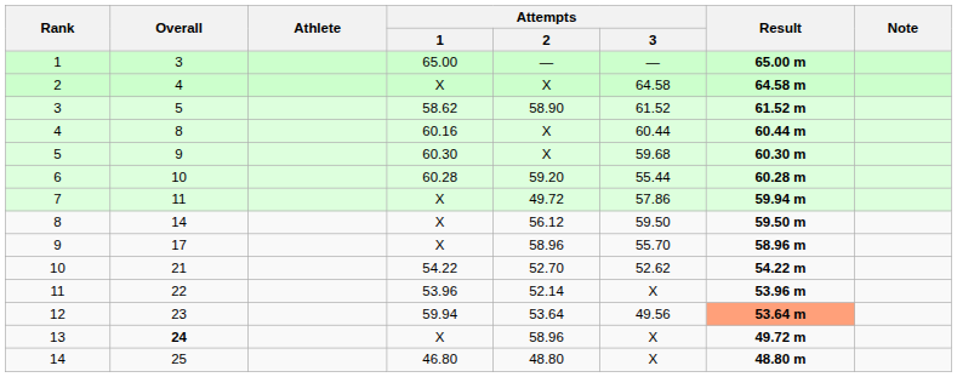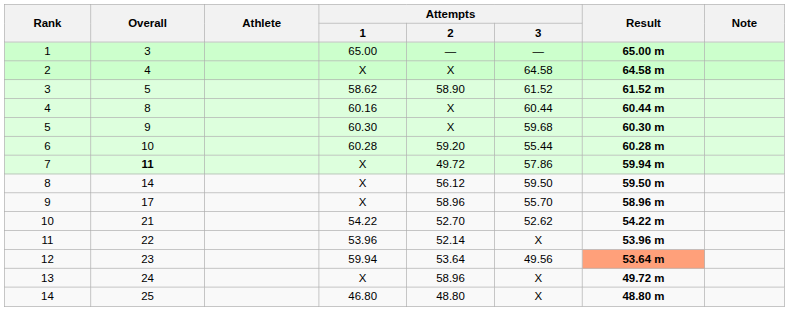 <table class="wikitable" style=" text-align:center; font-size:110%;" width="95%">
 <tr>
 <th rowspan="2">Rank</th>
 <th rowspan="2">Overall</th>
 <th rowspan="2">Athlete</th>
 <th colspan="3">Attempts</th>
 <th rowspan="2">Result</th>
 <th rowspan="2">Note</th>
 </tr>
 <tr>
 <th>1</th>
 <th>2</th>
 <th>3</th>
 </tr>
 <tr style="background:#ccffcc;">
 <td>1</td>
 <td>3</td>
 <td align=left></td>
 <td>65.00</td>
 <td>—</td>
 <td>—</td>
 <td><strong>65.00 m</strong></td>
 <td></td>
 </tr>
 <tr style="background:#ccffcc;">
 <td>2</td>
 <td>4</td>
 <td align=left></td>
 <td>X</td>
 <td>X</td>
 <td>64.58</td>
 <td><strong>64.58 m</strong></td>
 <td></td>
 </tr>
 <tr bgcolor="#ddffdd">
 <td>3</td>
 <td>5</td>
 <td align=left></td>
 <td>58.62</td>
 <td>58.90</td>
 <td>61.52</td>
 <td><strong>61.52 m</strong></td>
 <td></td>
 </tr>
 <tr bgcolor="#ddffdd">
 <td>4</td>
 <td>8</td>
 <td align=left></td>
 <td>60.16</td>
 <td>X</td>
 <td>60.44</td>
 <td><strong>60.44 m</strong></td>
 <td></td>
 </tr>
 <tr bgcolor="#ddffdd">
 <td>5</td>
 <td>9</td>
 <td align=left></td>
 <td>60.30</td>
 <td>X</td>
 <td>59.68</td>
 <td><strong>60.30 m</strong></td>
 <td></td>
 </tr>
 <tr bgcolor="#ddffdd">
 <td>6</td>
 <td>10</td>
 <td align=left></td>
 <td>60.28</td>
 <td>59.20</td>
 <td>55.44</td>
 <td><strong>60.28 m</strong></td>
 <td></td>
 </tr>
 <tr bgcolor="#ddffdd">
 <td>7</td>
-<td>11</td>
+<td><strong>11</strong></td>
 <td align=left></td>
 <td>X</td>
 <td>49.72</td>
 <td>57.86</td>
 <td><strong>59.94 m</strong></td>
 <td></td>
 </tr>
 <tr>
 <td>8</td>
 <td>14</td>
 <td align=left></td>
 <td>X</td>
 <td>56.12</td>
 <td>59.50</td>
 <td><strong>59.50 m</strong></td>
 <td></td>
 </tr>
 <tr>
 <td>9</td>
 <td>17</td>
 <td align=left></td>
 <td>X</td>
 <td>58.96</td>
 <td>55.70</td>
 <td><strong>58.96 m </strong></td>
 <td></td>
 </tr>
 <tr>
 <td>10</td>
 <td>21</td>
 <td align=left></td>
 <td>54.22</td>
 <td>52.70</td>
 <td>52.62</td>
 <td><strong>54.22 m</strong></td>
 <td></td>
 </tr>
 <tr>
 <td>11</td>
 <td>22</td>
 <td align=left></td>
 <td>53.96</td>
 <td>52.14</td>
 <td>X</td>
 <td><strong>53.96 m</strong></td>
 <td></td>
 </tr>
 <tr>
 <td>12</td>
 <td>23</td>
 <td align=left></td>
 <td>59.94</td>
 <td>53.64</td>
 <td>49.56</td>
 <td style="background: lightsalmon;"><strong>53.64 m</strong></td>
 <td></td>
 </tr>
 <tr>
 <td>13</td>
-<td><strong>24</strong></td>
+<td>24</td>
 <td align=left></td>
 <td>X</td>
 <td>58.96</td>
 <td>X</td>
 <td><strong>49.72 m</strong></td>
 <td></td>
 </tr>
 <tr>
 <td>14</td>
 <td>25</td>
 <td align=left></td>
 <td>46.80</td>
 <td>48.80</td>
 <td>X</td>
 <td><strong>48.80 m</strong></td>
 <td></td>
 </tr>
 </table>
